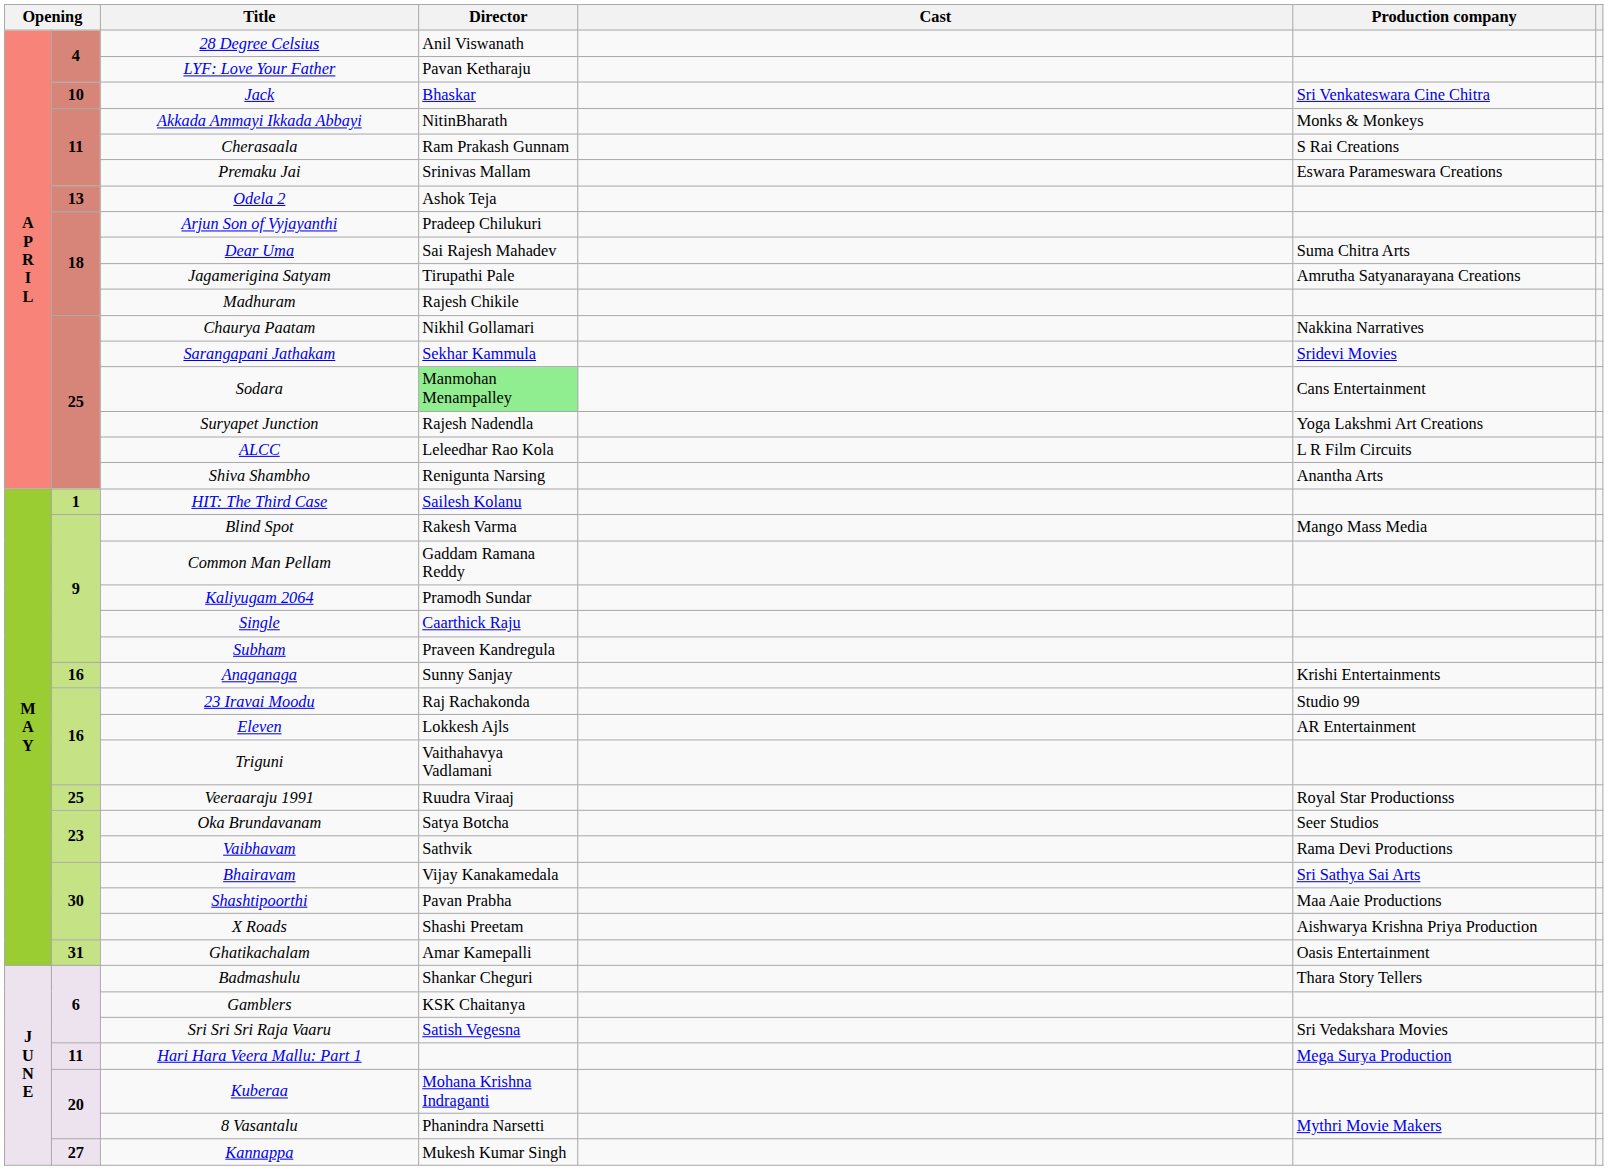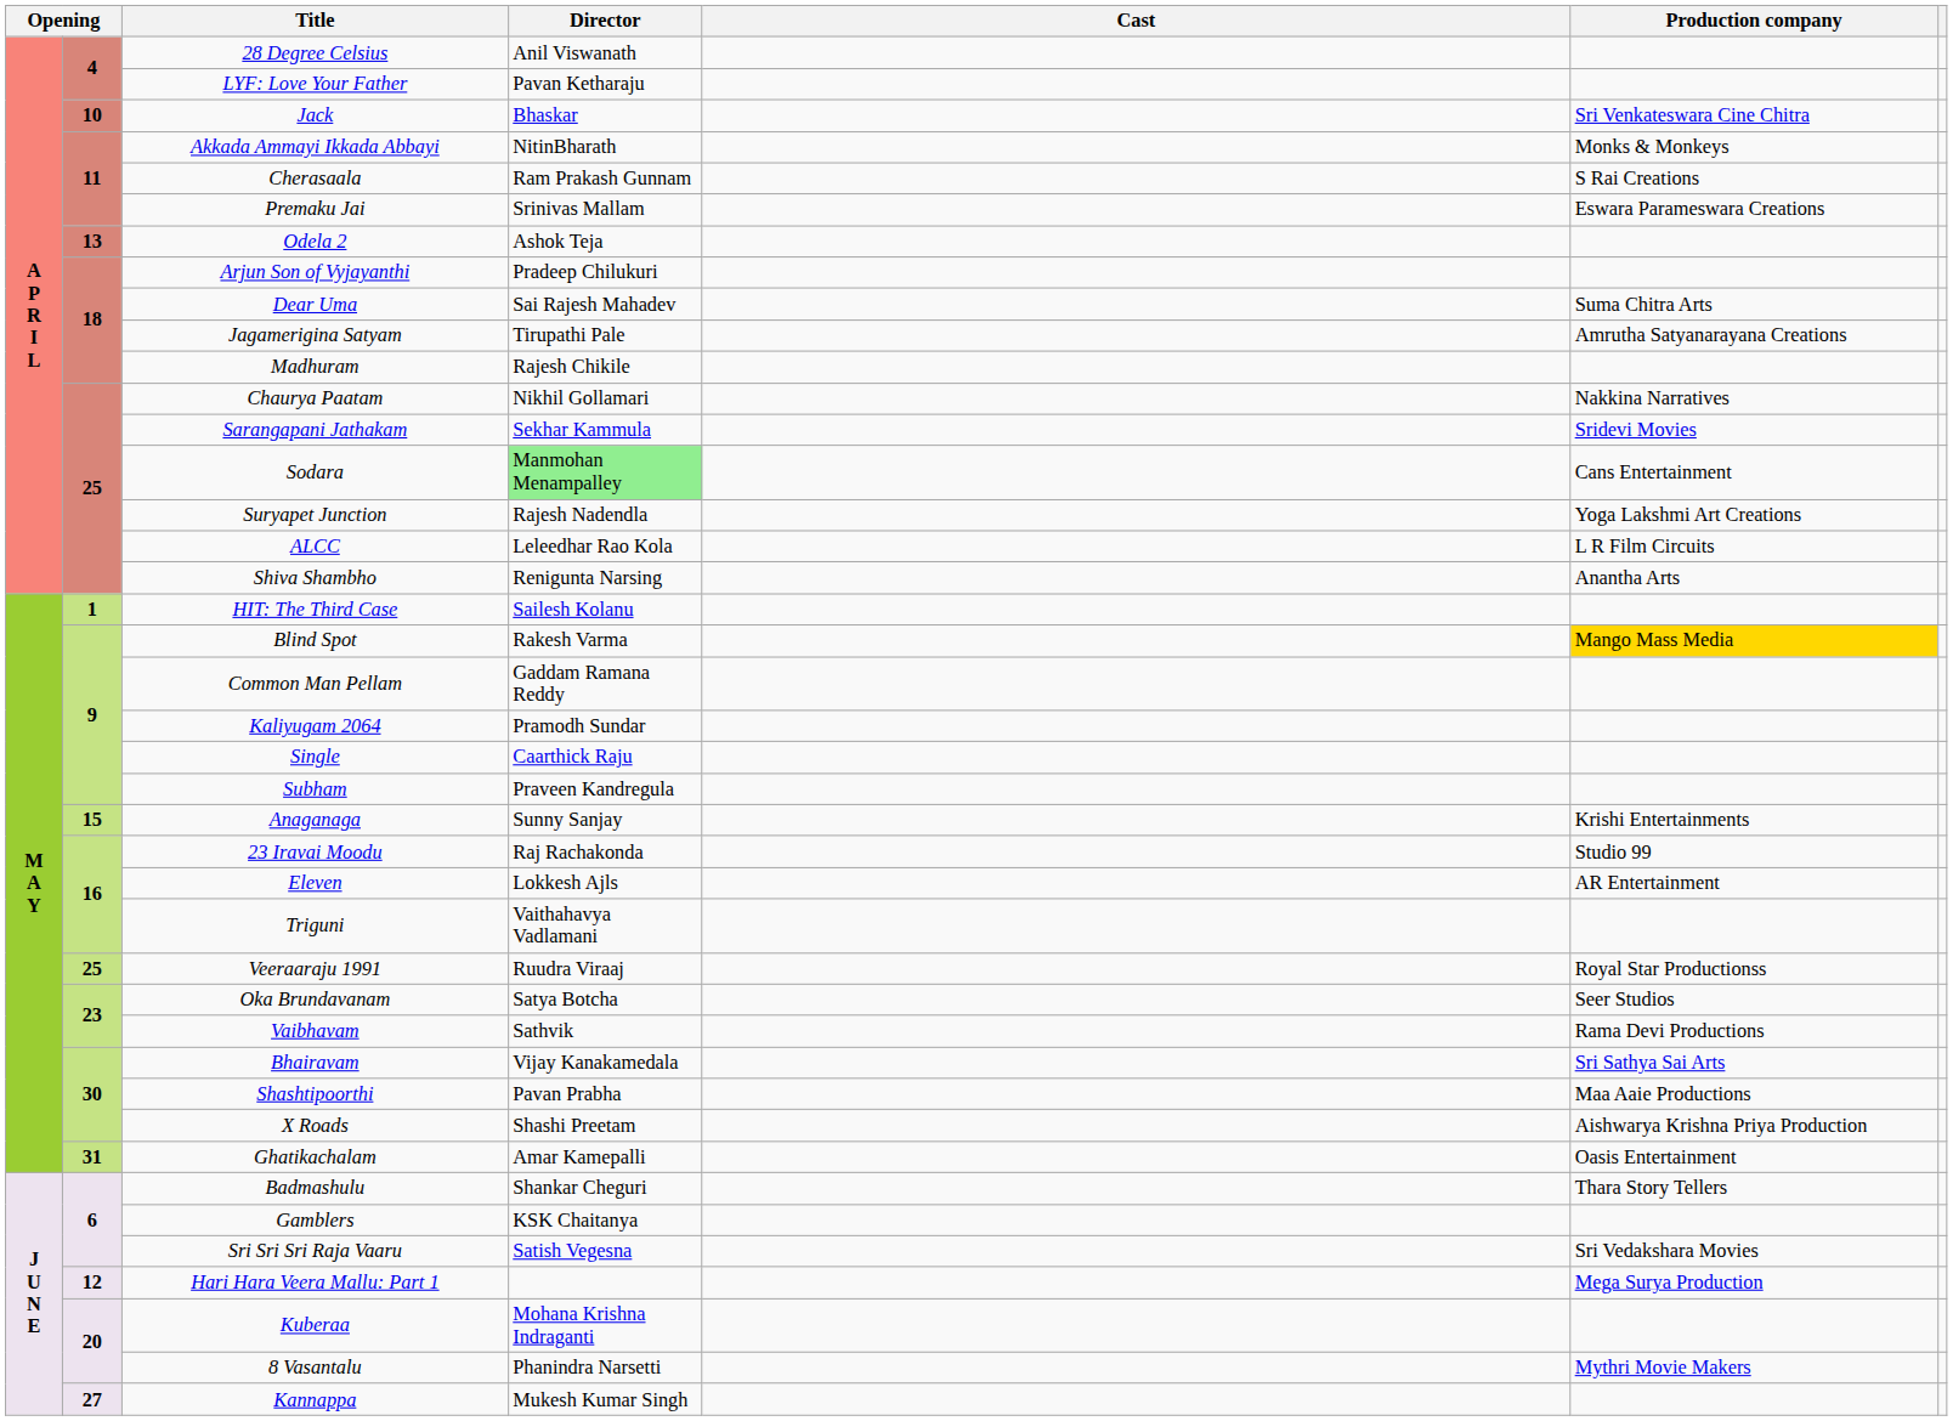 <table class="wikitable sortable">
 <tr>
 <th colspan="2" style="width:6%;">Opening</th>
 <th style="width:20%;">Title</th>
 <th style="width:10%;">Director</th>
 <th style="width:45%;">Cast</th>
 <th style="width:30%;">Production company</th>
 <th class="unsortable" style="width:1%;"></th>
 </tr>
 <tr>
 <th rowspan="17" style="text-align:center; background:#F88379; textcolor:#000;">A<br>P<br>R<br>I<br>L</th>
 <th rowspan="2" style="text-align:center; background:#d88579;" ;>4</th>
 <td style="text-align:center;"><em><a href='#'>28 Degree Celsius</a></em></td>
 <td>Anil Viswanath</td>
 <td></td>
 <td></td>
 <td style="text-align:center;"></td>
 </tr>
 <tr>
 <td style="text-align:center;"><em><a href='#'>LYF: Love Your Father</a></em></td>
 <td>Pavan Ketharaju</td>
 <td></td>
 <td></td>
 <td style="text-align:center;"></td>
 </tr>
 <tr>
 <td style="text-align:center; background:#d88579;" ;><strong>10</strong></td>
 <td style="text-align:center;"><em><a href='#'>Jack</a></em></td>
 <td><a href='#'>Bhaskar</a></td>
 <td></td>
 <td><a href='#'>Sri Venkateswara Cine Chitra</a></td>
 <td style="text-align:center;"></td>
 </tr>
 <tr>
 <td rowspan="3" style="text-align:center; background:#d88579;" ;><strong>11</strong></td>
 <td style="text-align:center;"><em><a href='#'>Akkada Ammayi Ikkada Abbayi</a></em></td>
 <td>NitinBharath</td>
 <td></td>
 <td>Monks & Monkeys</td>
 <td style="text-align:center;"></td>
 </tr>
 <tr>
 <td style="text-align:center;"><em>Cherasaala</em></td>
 <td>Ram Prakash Gunnam</td>
 <td></td>
 <td>S Rai Creations</td>
 <td style="text-align:center;"></td>
 </tr>
 <tr>
 <td style="text-align:center;"><em>Premaku Jai</em></td>
 <td>Srinivas Mallam</td>
 <td></td>
 <td>Eswara Parameswara Creations</td>
 <td style="text-align:center;"></td>
 </tr>
 <tr>
 <td style="text-align:center; background:#d88579;" ;><strong>13</strong></td>
 <td style="text-align:center;"><em><a href='#'>Odela 2</a></em></td>
 <td>Ashok Teja</td>
 <td></td>
 <td></td>
 <td style="text-align:center;"></td>
 </tr>
 <tr>
 <td rowspan="4" style="text-align:center; background:#d88579;" ;><strong>18</strong></td>
 <td style="text-align:center;"><em><a href='#'>Arjun Son of Vyjayanthi</a></em></td>
 <td>Pradeep Chilukuri</td>
 <td></td>
 <td></td>
 <td style="text-align:center;"></td>
 </tr>
 <tr>
 <td style="text-align:center;"><em><a href='#'>Dear Uma</a></em></td>
 <td>Sai Rajesh Mahadev</td>
 <td></td>
 <td>Suma Chitra Arts</td>
 <td style="text-align:center;"></td>
 </tr>
 <tr>
 <td style="text-align:center;"><em>Jagamerigina Satyam</em></td>
 <td>Tirupathi Pale</td>
 <td></td>
 <td>Amrutha Satyanarayana Creations</td>
 <td style="text-align:center;"></td>
 </tr>
 <tr>
 <td style="text-align:center;"><em>Madhuram</em></td>
 <td>Rajesh Chikile</td>
 <td></td>
 <td></td>
 <td style="text-align:center;"></td>
 </tr>
 <tr>
 <td rowspan="6" style="text-align:center; background:#d88579;" ;><strong>25</strong></td>
 <td style="text-align:center;"><em>Chaurya Paatam</em></td>
 <td>Nikhil Gollamari</td>
 <td></td>
 <td>Nakkina Narratives</td>
 <td style="text-align:center;"></td>
 </tr>
 <tr>
 <td style="text-align:center;"><em><a href='#'>Sarangapani Jathakam</a></em></td>
 <td><a href='#'>Sekhar Kammula</a></td>
 <td></td>
 <td><a href='#'>Sridevi Movies</a></td>
 <td style="text-align:center;"></td>
 </tr>
 <tr>
 <td style="text-align:center;"><em>Sodara</em></td>
 <td style="background: lightgreen;">Manmohan Menampalley</td>
 <td></td>
 <td>Cans Entertainment</td>
 <td style="text-align:center;"></td>
 </tr>
 <tr>
 <td style="text-align:center;"><em>Suryapet Junction</em></td>
 <td>Rajesh Nadendla</td>
 <td></td>
 <td>Yoga Lakshmi Art Creations</td>
 <td style="text-align:center;"></td>
 </tr>
 <tr>
 <td style="text-align:center;"><em><a href='#'>ALCC</a></em></td>
 <td>Leleedhar Rao Kola</td>
 <td></td>
 <td>L R Film Circuits</td>
 <td style="text-align:center;"></td>
 </tr>
 <tr>
 <td style="text-align:center;"><em>Shiva Shambho</em></td>
 <td>Renigunta Narsing</td>
 <td></td>
 <td>Anantha Arts</td>
 <td style="text-align:center;"></td>
 </tr>
 <tr>
 <td rowspan="17" style="text-align:center; background: #9ACD32; textcolor:#000;"><strong>M<br>A<br>Y</strong></td>
 <td style="text-align:center; background:#C5E384;" ;><strong>1</strong></td>
 <td style="text-align:center;"><em><a href='#'>HIT: The Third Case</a></em></td>
 <td><a href='#'>Sailesh Kolanu</a></td>
 <td></td>
 <td></td>
 <td style="text-align:center;"></td>
 </tr>
 <tr>
 <td rowspan="5" style="text-align:center; background:#C5E384" ;><strong>9</strong></td>
 <td style="text-align:center;"><em>Blind Spot</em></td>
 <td>Rakesh Varma</td>
 <td></td>
-<td>Mango Mass Media</td>
+<td style="background: gold;">Mango Mass Media</td>
 <td style="text-align:center;"></td>
 </tr>
 <tr>
 <td style="text-align:center;"><em>Common Man Pellam</em></td>
 <td>Gaddam Ramana Reddy</td>
 <td></td>
 <td></td>
 <td style="text-align:center;"></td>
 </tr>
 <tr>
 <td style="text-align:center;"><em><a href='#'>Kaliyugam 2064</a></em></td>
 <td>Pramodh Sundar</td>
 <td></td>
 <td></td>
 <td style="text-align:center;"></td>
 </tr>
 <tr>
 <td style="text-align:center;"><em><a href='#'>Single</a></em></td>
 <td><a href='#'>Caarthick Raju</a></td>
 <td></td>
 <td></td>
 <td style="text-align:center;"></td>
 </tr>
 <tr>
 <td style="text-align:center;"><em><a href='#'>Subham</a></em></td>
 <td>Praveen Kandregula</td>
 <td></td>
 <td></td>
 <td style="text-align:center;"></td>
 </tr>
 <tr>
-<td style="text-align:center; background:#C5E384" ;><strong>16</strong></td>
+<td style="text-align:center; background:#C5E384" ;><strong>15</strong></td>
 <td style="text-align:center;"><em><a href='#'>Anaganaga</a></em></td>
 <td>Sunny Sanjay</td>
 <td></td>
 <td>Krishi Entertainments</td>
 <td style="text-align:center;"></td>
 </tr>
 <tr>
 <td rowspan="3" style="text-align:center; background:#C5E384" ;><strong>16</strong></td>
 <td style="text-align:center;"><em><a href='#'>23 Iravai Moodu</a></em></td>
 <td>Raj Rachakonda</td>
 <td></td>
 <td>Studio 99</td>
 <td style="text-align:center;"></td>
 </tr>
 <tr>
 <td style="text-align:center;"><em><a href='#'>Eleven</a></em></td>
 <td>Lokkesh Ajls</td>
 <td></td>
 <td>AR Entertainment</td>
 <td style="text-align:center;"></td>
 </tr>
 <tr>
 <td style="text-align: center;"><em>Triguni</em></td>
 <td>Vaithahavya Vadlamani</td>
 <td></td>
 <td></td>
 <td style="text-align: center;"></td>
 </tr>
 <tr>
 <td style="text-align:center; background:#C5E384" ;><strong>25</strong></td>
 <td style="text-align: center;"><em>Veeraaraju 1991</em></td>
 <td>Ruudra Viraaj</td>
 <td></td>
 <td>Royal Star Productionss</td>
 <td style="text-align: center;"></td>
 </tr>
 <tr>
 <td rowspan="2" style="text-align:center; background:#C5E384" ;><strong>23</strong></td>
 <td style="text-align:center;"><em>Oka Brundavanam</em></td>
 <td>Satya Botcha</td>
 <td></td>
 <td>Seer Studios</td>
 <td style="text-align:center;"></td>
 </tr>
 <tr>
 <td style="text-align: center;"><em><a href='#'>Vaibhavam</a></em></td>
 <td>Sathvik</td>
 <td></td>
 <td>Rama Devi Productions</td>
 <td style="text-align: center;"></td>
 </tr>
 <tr>
 <td rowspan="3" style="text-align:center; background:#C5E384;" ;><strong>30</strong></td>
 <td style="text-align:center;"><em><a href='#'>Bhairavam</a></em></td>
 <td>Vijay Kanakamedala</td>
 <td></td>
 <td><a href='#'>Sri Sathya Sai Arts</a></td>
 <td style="text-align:center;"></td>
 </tr>
 <tr>
 <td style="text-align:center;"><em><a href='#'>Shashtipoorthi</a></em></td>
 <td>Pavan Prabha</td>
 <td></td>
 <td>Maa Aaie Productions</td>
 <td style="text-align:center;"></td>
 </tr>
 <tr>
 <td style="text-align:center;"><em>X Roads</em></td>
 <td>Shashi Preetam</td>
 <td></td>
 <td>Aishwarya Krishna Priya Production</td>
 <td style="text-align: center;"></td>
 </tr>
 <tr>
 <td rowspan="1" style="text-align:center; background:#C5E384;" ;><strong>31</strong></td>
 <td style="text-align:center;"><em>Ghatikachalam</em></td>
 <td>Amar Kamepalli</td>
 <td></td>
 <td>Oasis Entertainment</td>
 <td style="text-align: center;"></td>
 </tr>
 <tr>
 <td rowspan="7" style="text-align:center; background:#ede3ef;" ;><strong>J<br>U<br>N<br>E</strong></td>
 <td rowspan="3" style="text-align: center; background:#ede3ef;"><strong>6</strong></td>
 <td style="text-align: center;"><em>Badmashulu</em></td>
 <td>Shankar Cheguri</td>
 <td></td>
 <td>Thara Story Tellers</td>
 <td style="text-align: center;"></td>
 </tr>
 <tr>
 <td style="text-align: center;"><em>Gamblers</em></td>
 <td>KSK Chaitanya</td>
 <td></td>
 <td></td>
 <td style="text-align: center;"></td>
 </tr>
 <tr>
 <td style="text-align: center;"><em>Sri Sri Sri Raja Vaaru</em></td>
 <td><a href='#'>Satish Vegesna</a></td>
 <td></td>
 <td>Sri Vedakshara Movies</td>
 <td style="text-align: center;"></td>
 </tr>
 <tr>
-<td style="text-align: center; background:#ede3ef;" ;><strong>11</strong></td>
+<td style="text-align: center; background:#ede3ef;" ;><strong>12</strong></td>
 <td style="text-align: center;"><em><a href='#'>Hari Hara Veera Mallu: Part 1</a></em></td>
 <td></td>
 <td></td>
 <td><a href='#'>Mega Surya Production</a></td>
 <td style="text-align: center;"></td>
 </tr>
 <tr>
 <td rowspan="2" style="text-align:center; background:#ede3ef;" ;><strong>20</strong></td>
 <td style="text-align:center;"><em><a href='#'>Kuberaa</a></em></td>
 <td><a href='#'>Mohana Krishna Indraganti</a></td>
 <td></td>
 <td></td>
 <td style="text-align:center;"></td>
 </tr>
 <tr>
 <td style="text-align: center;"><em>8 Vasantalu</em></td>
 <td>Phanindra Narsetti</td>
 <td></td>
 <td><a href='#'>Mythri Movie Makers</a></td>
 <td style="text-align: center;"></td>
 </tr>
 <tr>
 <td style="text-align:center; background:#ede3ef;" ;><strong>27</strong></td>
 <td style="text-align:center;"><em><a href='#'>Kannappa</a></em></td>
 <td>Mukesh Kumar Singh</td>
 <td></td>
 <td></td>
 <td style="text-align:center;"></td>
 </tr>
 </table>
